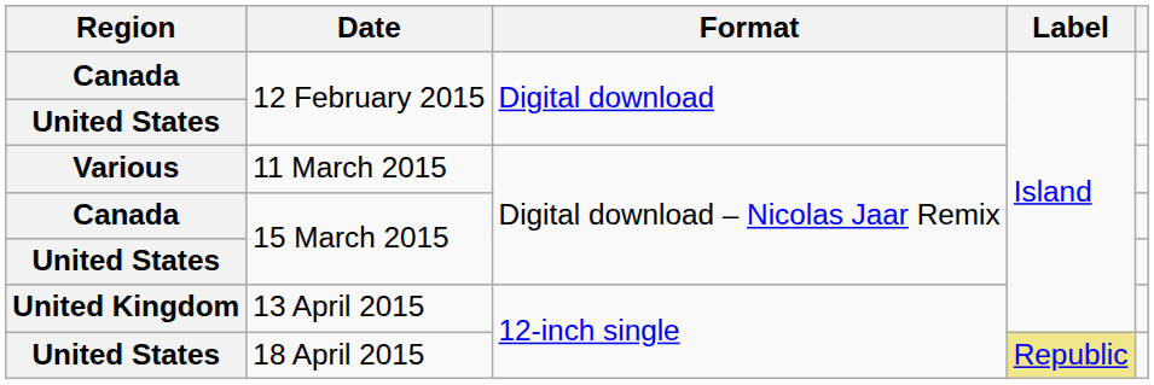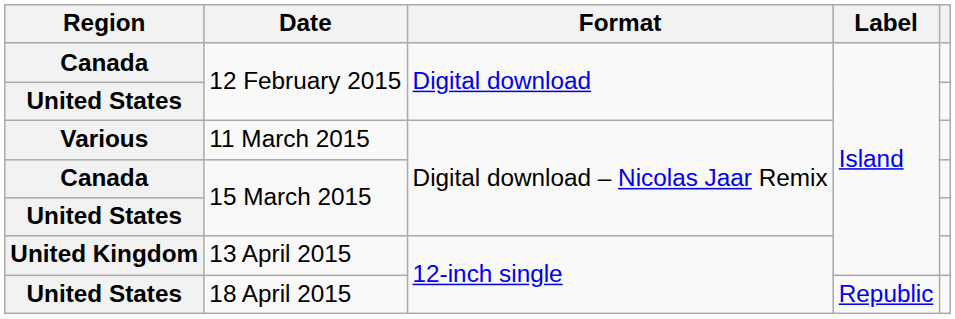 <table class="wikitable plainrowheaders">
 <tr>
 <th scope="col">Region</th>
 <th scope="col">Date</th>
 <th scope="col">Format</th>
 <th scope="col">Label</th>
 <th scope="col"></th>
 </tr>
 <tr>
 <th scope="row">Canada</th>
 <td rowspan="2">12 February 2015</td>
 <td rowspan="2"><a href='#'>Digital download</a></td>
 <td rowspan="6"><a href='#'>Island</a></td>
 <td align="center"></td>
 </tr>
 <tr>
 <th scope="row">United States</th>
 <td align="center"></td>
 </tr>
 <tr>
 <th scope="row">Various</th>
 <td>11 March 2015</td>
 <td rowspan="3">Digital download – <a href='#'>Nicolas Jaar</a> Remix</td>
 <td align="center"></td>
 </tr>
 <tr>
 <th scope="row">Canada</th>
 <td rowspan="2">15 March 2015</td>
 <td align="center"></td>
 </tr>
 <tr>
 <th scope="row">United States</th>
 <td align="center"></td>
 </tr>
 <tr>
 <th scope="row">United Kingdom</th>
 <td>13 April 2015</td>
 <td rowspan="2"><a href='#'>12-inch single</a></td>
 <td align="center"></td>
 </tr>
 <tr>
 <th scope="row">United States</th>
 <td>18 April 2015</td>
-<td style="background: khaki;"><a href='#'>Republic</a></td>
+<td><a href='#'>Republic</a></td>
 <td align="center"></td>
 </tr>
 </table>
